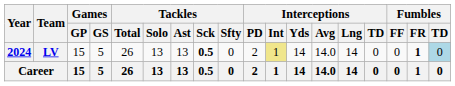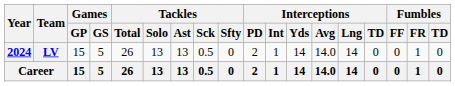 <table class="wikitable" style="text-align:center;">
 <tr>
 <th rowspan="2">Year</th>
 <th rowspan="2">Team</th>
 <th colspan="2">Games</th>
 <th colspan="5">Tackles</th>
 <th colspan="6">Interceptions</th>
 <th colspan="3">Fumbles</th>
 </tr>
 <tr>
 <th>GP</th>
 <th>GS</th>
 <th>Total</th>
 <th>Solo</th>
 <th>Ast</th>
 <th>Sck</th>
 <th>Sfty</th>
 <th>PD</th>
 <th>Int</th>
 <th>Yds</th>
 <th>Avg</th>
 <th>Lng</th>
 <th>TD</th>
 <th>FF</th>
 <th>FR</th>
 <th>TD</th>
 </tr>
 <tr>
 <th><a href='#'>2024</a></th>
 <th><a href='#'>LV</a></th>
 <td>15</td>
 <td>5</td>
 <td>26</td>
 <td>13</td>
 <td>13</td>
-<td><strong>0.5</strong></td>
+<td>0.5</td>
 <td>0</td>
 <td>2</td>
-<td style="background: khaki;">1</td>
+<td>1</td>
 <td>14</td>
 <td>14.0</td>
 <td>14</td>
 <td>0</td>
 <td>0</td>
-<td><strong>1</strong></td>
-<td style="background: lightblue;">0</td>
+<td>1</td>
+<td>0</td>
 </tr>
 <tr>
 <th colspan="2">Career</th>
 <th>15</th>
 <th>5</th>
 <th>26</th>
 <th>13</th>
 <th>13</th>
 <th>0.5</th>
 <th>0</th>
 <th>2</th>
 <th>1</th>
 <th>14</th>
 <th>14.0</th>
 <th>14</th>
 <th>0</th>
 <th>0</th>
 <th>1</th>
 <th>0</th>
 </tr>
 </table>
